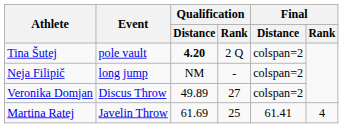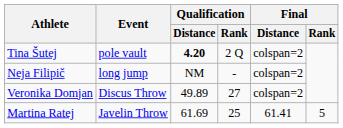 <table class="wikitable" style="font-size:90%">
 <tr>
 <th rowspan=2>Athlete</th>
 <th rowspan=2>Event</th>
 <th colspan=2>Qualification</th>
 <th colspan=2>Final</th>
 </tr>
 <tr style="font-size:95%">
 <th>Distance</th>
 <th>Rank</th>
 <th>Distance</th>
 <th>Rank</th>
 </tr>
 <tr align=center>
 <td align=left><a href='#'>Tina Šutej</a></td>
 <td style="text-align:left;" rowspan="1"><a href='#'>pole vault</a></td>
 <td><strong>4.20</strong></td>
 <td>2 Q</td>
 <td>colspan=2 </td>
 </tr>
 <tr align=center>
 <td align=left><a href='#'>Neja Filipič</a></td>
 <td style="text-align:left;" rowspan="1"><a href='#'>long jump</a></td>
 <td>NM</td>
 <td>-</td>
 <td>colspan=2 </td>
 </tr>
 <tr align=center>
 <td align=left><a href='#'>Veronika Domjan</a></td>
 <td style="text-align:left;" rowspan="1"><a href='#'>Discus Throw</a></td>
 <td>49.89</td>
 <td>27</td>
 <td>colspan=2 </td>
 </tr>
 <tr align=center>
 <td align=left><a href='#'>Martina Ratej</a></td>
 <td style="text-align:left;" rowspan="1"><a href='#'>Javelin Throw</a></td>
 <td>61.69</td>
 <td>25</td>
 <td>61.41</td>
-<td>4</td>
+<td>5</td>
 </tr>
 </table>
